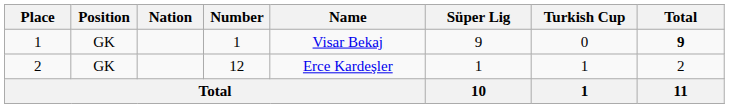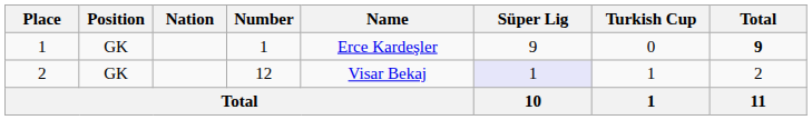 <table class="wikitable" style="font-size: 95%; text-align: center;">
 <tr>
 <th width=60>Place</th>
 <th width=60>Position</th>
 <th width=60>Nation</th>
 <th width=60>Number</th>
 <th width=150>Name</th>
 <th width=100>Süper Lig</th>
 <th width=100>Turkish Cup</th>
 <th width=80><strong>Total</strong></th>
 </tr>
 <tr>
 <td>1</td>
 <td>GK</td>
 <td></td>
 <td>1</td>
-<td><a href='#'>Visar Bekaj</a></td>
+<td><a href='#'>Erce Kardeşler</a></td>
 <td>9</td>
 <td>0</td>
 <td><strong>9</strong></td>
 </tr>
 <tr>
 <td>2</td>
 <td>GK</td>
 <td></td>
 <td>12</td>
-<td><a href='#'>Erce Kardeşler</a></td>
-<td>1</td>
+<td><a href='#'>Visar Bekaj</a></td>
+<td style="background: lavender;">1</td>
 <td>1</td>
 <td>2</td>
 </tr>
 <tr>
 <th colspan="5"><strong>Total</strong></th>
 <th>10</th>
 <th>1</th>
 <th><strong>11</strong></th>
 </tr>
 </table>
